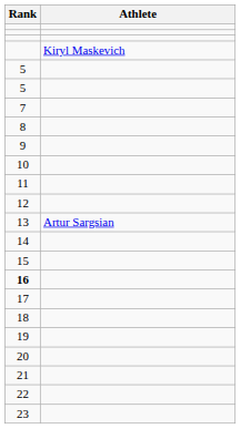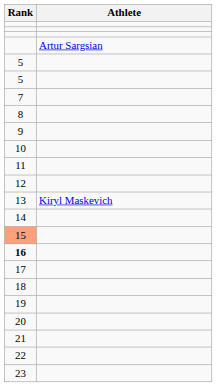 <table class="wikitable" style="text-align: center;">
 <tr>
 <th width=40>Rank</th>
 <th width=250>Athlete</th>
 </tr>
 <tr>
 <td></td>
 <td align="left"></td>
 </tr>
 <tr>
 <td></td>
 <td align="left"></td>
 </tr>
 <tr>
 <td></td>
 <td align="left"></td>
 </tr>
 <tr>
 <td></td>
-<td align="left"> <a href='#'>Kiryl Maskevich</a> </td>
+<td align="left"> <a href='#'>Artur Sargsian</a> </td>
 </tr>
 <tr>
 <td>5</td>
 <td align="left"></td>
 </tr>
 <tr>
 <td>5</td>
 <td align="left"></td>
 </tr>
 <tr>
 <td>7</td>
 <td align="left"></td>
 </tr>
 <tr>
 <td>8</td>
 <td align="left"></td>
 </tr>
 <tr>
 <td>9</td>
 <td align="left"></td>
 </tr>
 <tr>
 <td>10</td>
 <td align="left"></td>
 </tr>
 <tr>
 <td>11</td>
 <td align="left"></td>
 </tr>
 <tr>
 <td>12</td>
 <td align="left"></td>
 </tr>
 <tr>
 <td>13</td>
-<td align="left"> <a href='#'>Artur Sargsian</a> </td>
+<td align="left"> <a href='#'>Kiryl Maskevich</a> </td>
 </tr>
 <tr>
 <td>14</td>
 <td align="left"></td>
 </tr>
 <tr>
-<td>15</td>
+<td style="background: lightsalmon;">15</td>
 <td align="left"></td>
 </tr>
 <tr>
 <td><strong>16</strong></td>
 <td align="left"></td>
 </tr>
 <tr>
 <td>17</td>
 <td align="left"></td>
 </tr>
 <tr>
 <td>18</td>
 <td align="left"></td>
 </tr>
 <tr>
 <td>19</td>
 <td align="left"></td>
 </tr>
 <tr>
 <td>20</td>
 <td align="left"></td>
 </tr>
 <tr>
 <td>21</td>
 <td align="left"></td>
 </tr>
 <tr>
 <td>22</td>
 <td align="left"></td>
 </tr>
 <tr>
 <td>23</td>
 <td align="left"></td>
 </tr>
 </table>
